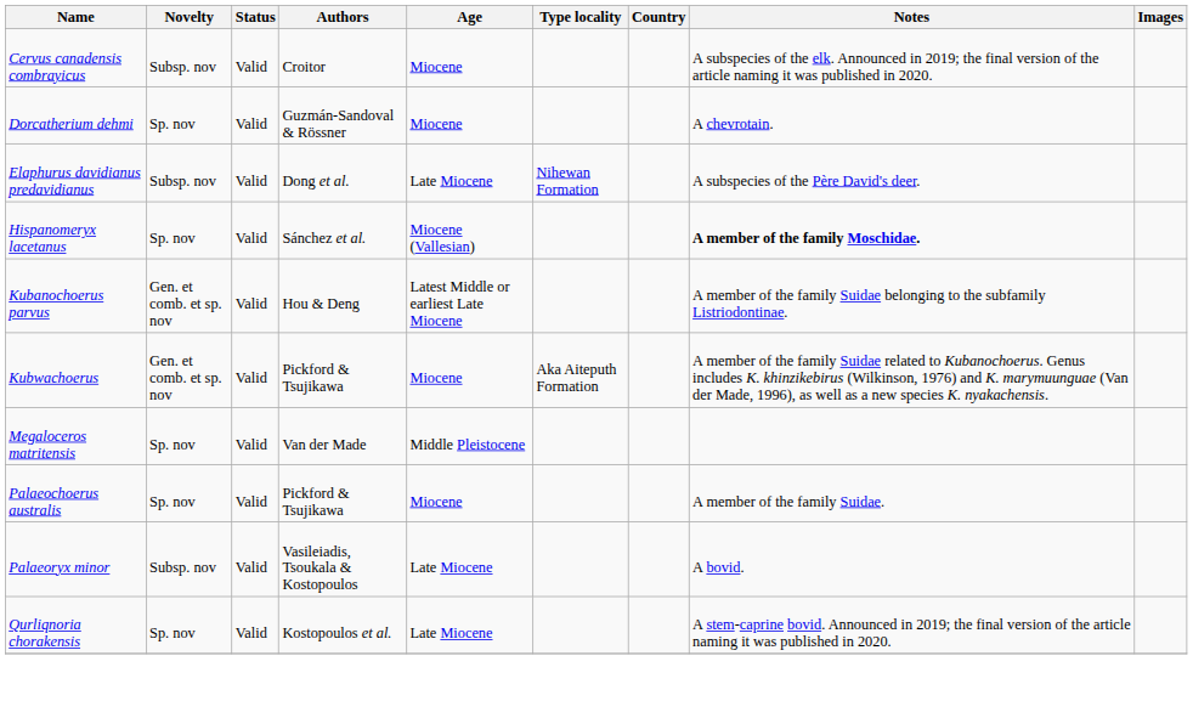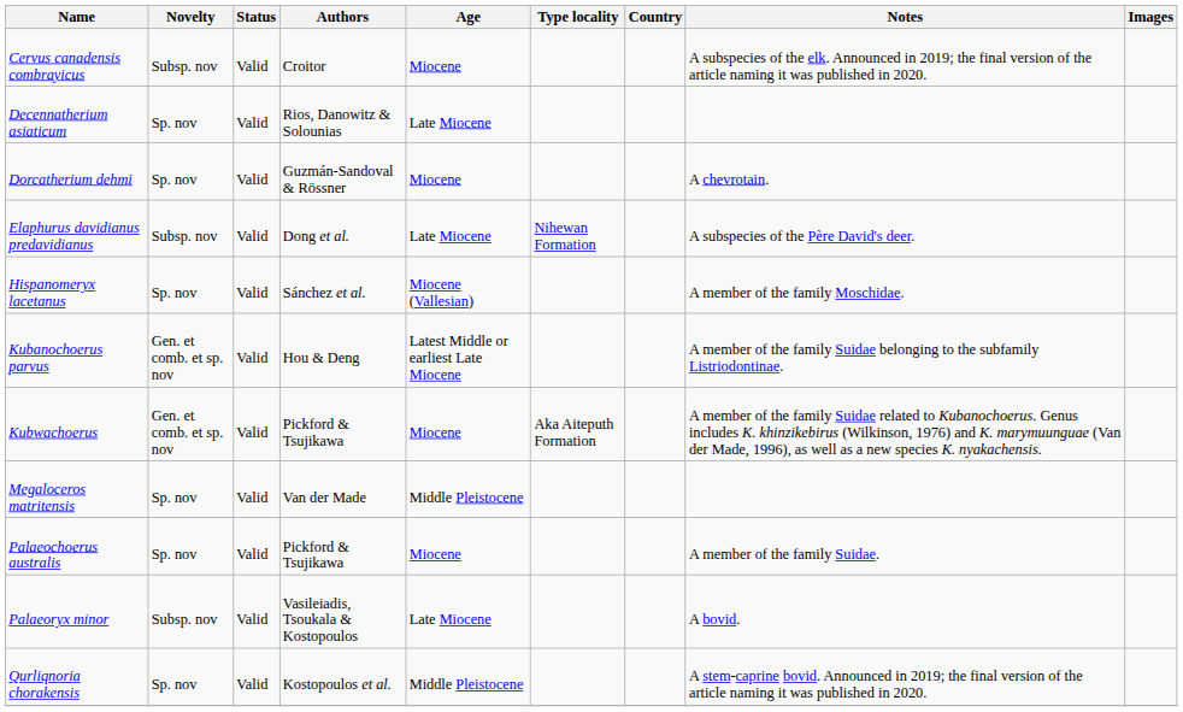 <table class="wikitable sortable" align="center" width="100%">
 <tr>
 <th>Name</th>
 <th>Novelty</th>
 <th>Status</th>
 <th>Authors</th>
 <th>Age</th>
 <th>Type locality</th>
 <th>Country</th>
 <th>Notes</th>
 <th>Images</th>
 </tr>
 <tr>
 <td><br><em><a href='#'>Cervus canadensis combrayicus</a></em></td>
 <td><br>Subsp. nov</td>
 <td><br>Valid</td>
 <td><br>Croitor</td>
 <td><br><a href='#'>Miocene</a></td>
 <td></td>
 <td><br></td>
 <td><br>A subspecies of the <a href='#'>elk</a>. Announced in 2019; the final version of the article naming it was published in 2020.</td>
+<td></td>
+</tr>
+<tr>
+<td><br><em><a href='#'>Decennatherium asiaticum</a></em></td>
+<td><br>Sp. nov</td>
+<td><br>Valid</td>
+<td><br>Rios, Danowitz & Solounias</td>
+<td><br>Late <a href='#'>Miocene</a></td>
+<td></td>
+<td><br></td>
+<td></td>
 <td></td>
 </tr>
 <tr>
 <td><br><em><a href='#'>Dorcatherium dehmi</a></em></td>
 <td><br>Sp. nov</td>
 <td><br>Valid</td>
 <td><br>Guzmán-Sandoval & Rössner</td>
 <td><br><a href='#'>Miocene</a></td>
 <td></td>
 <td><br></td>
 <td><br>A <a href='#'>chevrotain</a>.</td>
 <td></td>
 </tr>
 <tr>
 <td><br><em><a href='#'>Elaphurus davidianus predavidianus</a></em></td>
 <td><br>Subsp. nov</td>
 <td><br>Valid</td>
 <td><br>Dong <em>et al.</em></td>
 <td><br>Late <a href='#'>Miocene</a></td>
 <td><br><a href='#'>Nihewan Formation</a></td>
 <td><br></td>
 <td><br>A subspecies of the <a href='#'>Père David's deer</a>.</td>
 <td></td>
 </tr>
 <tr>
 <td><br><em><a href='#'>Hispanomeryx lacetanus</a></em></td>
 <td><br>Sp. nov</td>
 <td><br>Valid</td>
 <td><br>Sánchez <em>et al.</em></td>
 <td><br><a href='#'>Miocene</a> (<a href='#'>Vallesian</a>)</td>
 <td></td>
 <td><br></td>
-<td><strong><br>A member of the family <a href='#'>Moschidae</a>.</strong></td>
+<td><br>A member of the family <a href='#'>Moschidae</a>.</td>
 <td></td>
 </tr>
 <tr>
 <td><br><em><a href='#'>Kubanochoerus parvus</a></em></td>
 <td><br>Gen. et comb. et sp. nov</td>
 <td><br>Valid</td>
 <td><br>Hou & Deng</td>
 <td><br>Latest Middle or earliest Late <a href='#'>Miocene</a></td>
 <td></td>
 <td><br></td>
 <td><br>A member of the family <a href='#'>Suidae</a> belonging to the subfamily <a href='#'>Listriodontinae</a>.</td>
 <td></td>
 </tr>
 <tr>
 <td><br><em><a href='#'>Kubwachoerus</a></em></td>
 <td><br>Gen. et comb. et sp. nov</td>
 <td><br>Valid</td>
 <td><br>Pickford & Tsujikawa</td>
 <td><br><a href='#'>Miocene</a></td>
 <td><br>Aka Aiteputh Formation</td>
 <td><br><br> </td>
 <td><br>A member of the family <a href='#'>Suidae</a> related to <em>Kubanochoerus</em>. Genus includes <em>K. khinzikebirus</em> (Wilkinson, 1976) and <em>K. marymuunguae</em> (Van der Made, 1996), as well as a new species <em>K. nyakachensis</em>.</td>
 <td></td>
 </tr>
 <tr>
 <td><br><em><a href='#'>Megaloceros matritensis</a></em></td>
 <td><br>Sp. nov</td>
 <td><br>Valid</td>
 <td><br>Van der Made</td>
 <td><br>Middle <a href='#'>Pleistocene</a></td>
 <td></td>
 <td><br></td>
 <td></td>
 <td></td>
 </tr>
 <tr>
 <td><br><em><a href='#'>Palaeochoerus australis</a></em></td>
 <td><br>Sp. nov</td>
 <td><br>Valid</td>
 <td><br>Pickford & Tsujikawa</td>
 <td><br><a href='#'>Miocene</a></td>
 <td></td>
 <td><br></td>
 <td><br>A member of the family <a href='#'>Suidae</a>.</td>
 <td></td>
 </tr>
 <tr>
 <td><br><em><a href='#'>Palaeoryx minor</a></em></td>
 <td><br>Subsp. nov</td>
 <td><br>Valid</td>
 <td><br>Vasileiadis, Tsoukala & Kostopoulos</td>
 <td><br>Late <a href='#'>Miocene</a></td>
 <td></td>
 <td><br></td>
 <td><br>A <a href='#'>bovid</a>.</td>
 <td></td>
 </tr>
 <tr>
 <td><br><em><a href='#'>Qurliqnoria chorakensis</a></em></td>
 <td><br>Sp. nov</td>
 <td><br>Valid</td>
 <td><br>Kostopoulos <em>et al.</em></td>
-<td><br>Late <a href='#'>Miocene</a></td>
+<td><br>Middle <a href='#'>Pleistocene</a></td>
 <td></td>
 <td><br></td>
 <td><br>A <a href='#'>stem</a>-<a href='#'>caprine</a> <a href='#'>bovid</a>. Announced in 2019; the final version of the article naming it was published in 2020.</td>
 <td></td>
 </tr>
 <tr>
 </tr>
 </table>
